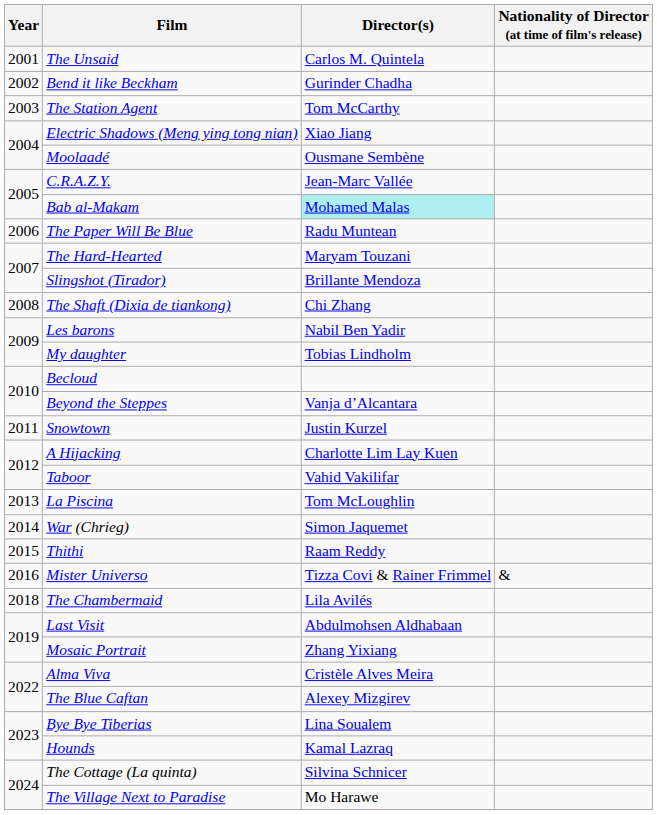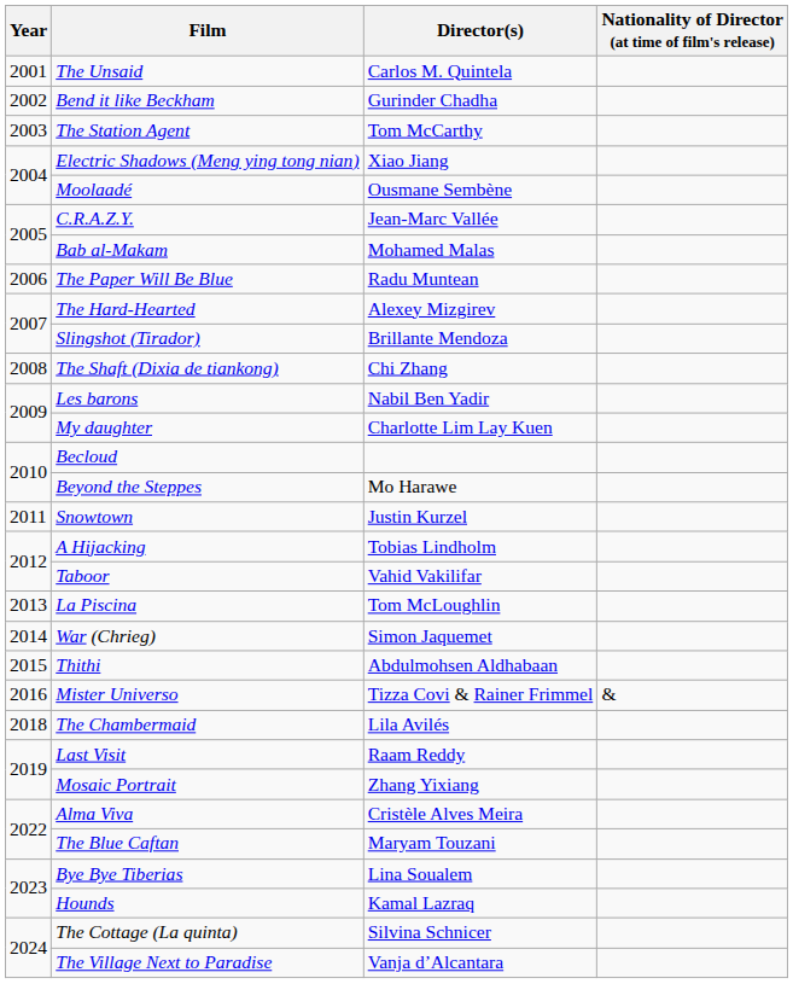 <table class="wikitable sortable">
 <tr>
 <th>Year</th>
 <th>Film</th>
 <th>Director(s)</th>
 <th>Nationality of Director<br><small>(at time of film's release)</small></th>
 </tr>
 <tr>
 <td>2001</td>
 <td><em><a href='#'>The Unsaid</a></em></td>
 <td><a href='#'>Carlos M. Quintela</a></td>
 <td></td>
 </tr>
 <tr>
 <td>2002</td>
 <td><em><a href='#'>Bend it like Beckham</a></em></td>
 <td><a href='#'>Gurinder Chadha</a></td>
 <td></td>
 </tr>
 <tr>
 <td>2003</td>
 <td><em><a href='#'>The Station Agent</a></em></td>
 <td><a href='#'>Tom McCarthy</a></td>
 <td></td>
 </tr>
 <tr>
 <td rowspan="2">2004</td>
 <td><em><a href='#'>Electric Shadows (Meng ying tong nian)</a></em></td>
 <td><a href='#'>Xiao Jiang</a></td>
 <td></td>
 </tr>
 <tr>
 <td><em><a href='#'>Moolaadé</a></em></td>
 <td><a href='#'>Ousmane Sembène</a></td>
 <td></td>
 </tr>
 <tr>
 <td rowspan="2">2005</td>
 <td><em><a href='#'>C.R.A.Z.Y.</a></em></td>
 <td><a href='#'>Jean-Marc Vallée</a></td>
 <td></td>
 </tr>
 <tr>
 <td><em><a href='#'>Bab al-Makam</a></em></td>
-<td style="background: paleturquoise;"><a href='#'>Mohamed Malas</a></td>
+<td><a href='#'>Mohamed Malas</a></td>
 <td></td>
 </tr>
 <tr>
 <td>2006</td>
 <td><em><a href='#'>The Paper Will Be Blue</a></em></td>
 <td><a href='#'>Radu Muntean</a></td>
 <td></td>
 </tr>
 <tr>
 <td rowspan="2">2007</td>
 <td><em><a href='#'>The Hard-Hearted</a></em></td>
-<td><a href='#'>Maryam Touzani</a></td>
+<td><a href='#'>Alexey Mizgirev</a></td>
 <td></td>
 </tr>
 <tr>
 <td><em><a href='#'>Slingshot (Tirador)</a></em></td>
 <td><a href='#'>Brillante Mendoza</a></td>
 <td></td>
 </tr>
 <tr>
 <td>2008</td>
 <td><em><a href='#'>The Shaft (Dixia de tiankong)</a></em></td>
 <td><a href='#'>Chi Zhang</a></td>
 <td></td>
 </tr>
 <tr>
 <td rowspan="2">2009</td>
 <td><em><a href='#'>Les barons</a></em></td>
 <td><a href='#'>Nabil Ben Yadir</a></td>
 <td></td>
 </tr>
 <tr>
 <td><em><a href='#'>My daughter</a></em></td>
-<td><a href='#'>Tobias Lindholm</a></td>
+<td><a href='#'>Charlotte Lim Lay Kuen</a></td>
 <td></td>
 </tr>
 <tr>
 <td rowspan="2">2010</td>
 <td><em><a href='#'>Becloud</a></em></td>
 <td></td>
 <td></td>
 </tr>
 <tr>
 <td><em><a href='#'>Beyond the Steppes</a></em></td>
-<td><a href='#'>Vanja d’Alcantara</a></td>
+<td>Mo Harawe</td>
 <td></td>
 </tr>
 <tr>
 <td>2011</td>
 <td><em><a href='#'>Snowtown</a></em></td>
 <td><a href='#'>Justin Kurzel</a></td>
 <td></td>
 </tr>
 <tr>
 <td rowspan="2">2012</td>
 <td><em><a href='#'>A Hijacking</a></em></td>
-<td><a href='#'>Charlotte Lim Lay Kuen</a></td>
+<td><a href='#'>Tobias Lindholm</a></td>
 <td></td>
 </tr>
 <tr>
 <td><em><a href='#'>Taboor</a></em></td>
 <td><a href='#'>Vahid Vakilifar</a></td>
 <td></td>
 </tr>
 <tr>
 <td>2013</td>
 <td><em><a href='#'>La Piscina</a></em></td>
 <td><a href='#'>Tom McLoughlin</a></td>
 <td></td>
 </tr>
 <tr>
 <td>2014</td>
 <td><em><a href='#'>War</a> (Chrieg)</em></td>
 <td><a href='#'>Simon Jaquemet</a></td>
 <td></td>
 </tr>
 <tr>
 <td>2015</td>
 <td><em><a href='#'>Thithi</a></em></td>
-<td><a href='#'>Raam Reddy</a></td>
+<td><a href='#'>Abdulmohsen Aldhabaan</a></td>
 <td></td>
 </tr>
 <tr>
 <td>2016</td>
 <td><em><a href='#'>Mister Universo</a></em></td>
 <td><a href='#'>Tizza Covi</a> & <a href='#'>Rainer Frimmel</a></td>
 <td> & </td>
 </tr>
 <tr>
 <td>2018</td>
 <td><em><a href='#'>The Chambermaid</a></em></td>
 <td><a href='#'>Lila Avilés</a></td>
 <td></td>
 </tr>
 <tr>
 <td rowspan="2">2019</td>
 <td><em><a href='#'>Last Visit</a></em></td>
-<td><a href='#'>Abdulmohsen Aldhabaan</a></td>
+<td><a href='#'>Raam Reddy</a></td>
 <td></td>
 </tr>
 <tr>
 <td><em><a href='#'>Mosaic Portrait</a></em></td>
 <td><a href='#'>Zhang Yixiang</a></td>
 <td></td>
 </tr>
 <tr>
 <td rowspan="2">2022</td>
 <td><em><a href='#'>Alma Viva</a></em></td>
 <td><a href='#'>Cristèle Alves Meira</a></td>
 <td> </td>
 </tr>
 <tr>
 <td><em><a href='#'>The Blue Caftan</a></em></td>
-<td><a href='#'>Alexey Mizgirev</a></td>
+<td><a href='#'>Maryam Touzani</a></td>
 <td></td>
 </tr>
 <tr>
 <td rowspan="2">2023</td>
 <td><em><a href='#'>Bye Bye Tiberias</a></em></td>
 <td><a href='#'>Lina Soualem</a></td>
 <td>  </td>
 </tr>
 <tr>
 <td><em><a href='#'>Hounds</a></em></td>
 <td><a href='#'>Kamal Lazraq</a></td>
 <td></td>
 </tr>
 <tr>
 <td rowspan="2">2024</td>
 <td><em>The Cottage (La quinta)</em></td>
 <td><a href='#'>Silvina Schnicer</a></td>
 <td></td>
 </tr>
 <tr>
 <td><em><a href='#'>The Village Next to Paradise</a></em></td>
-<td>Mo Harawe</td>
+<td><a href='#'>Vanja d’Alcantara</a></td>
 <td></td>
 </tr>
 </table>
